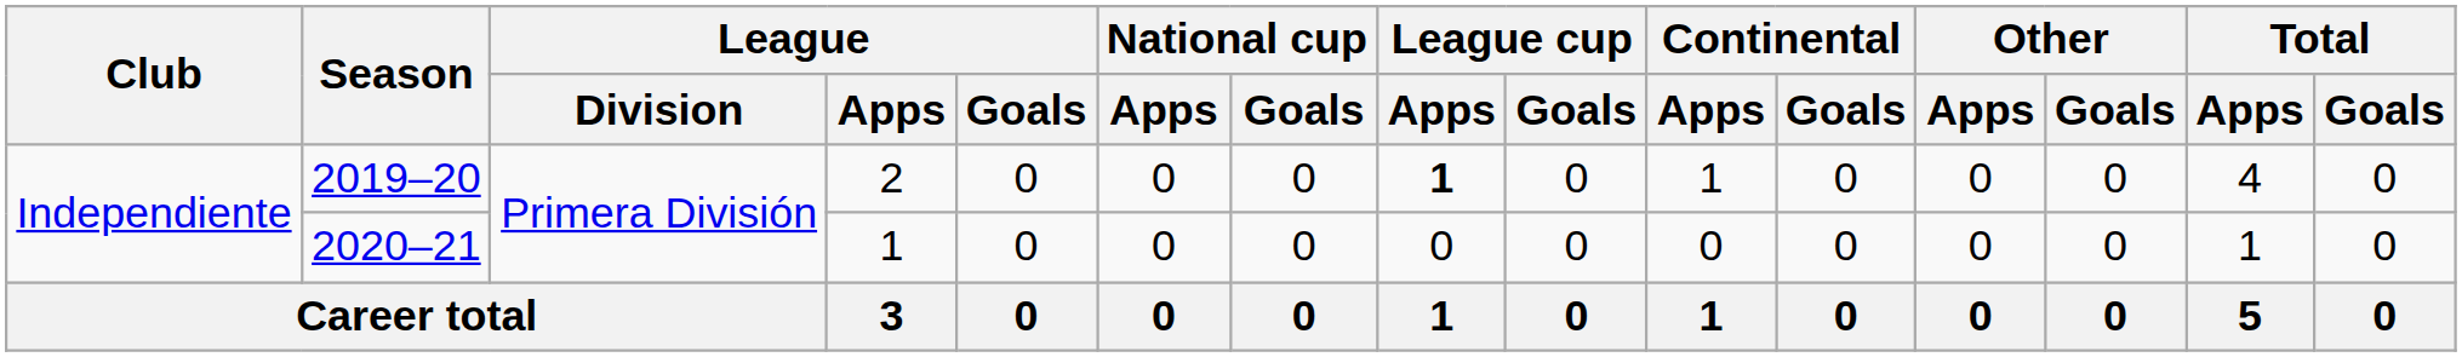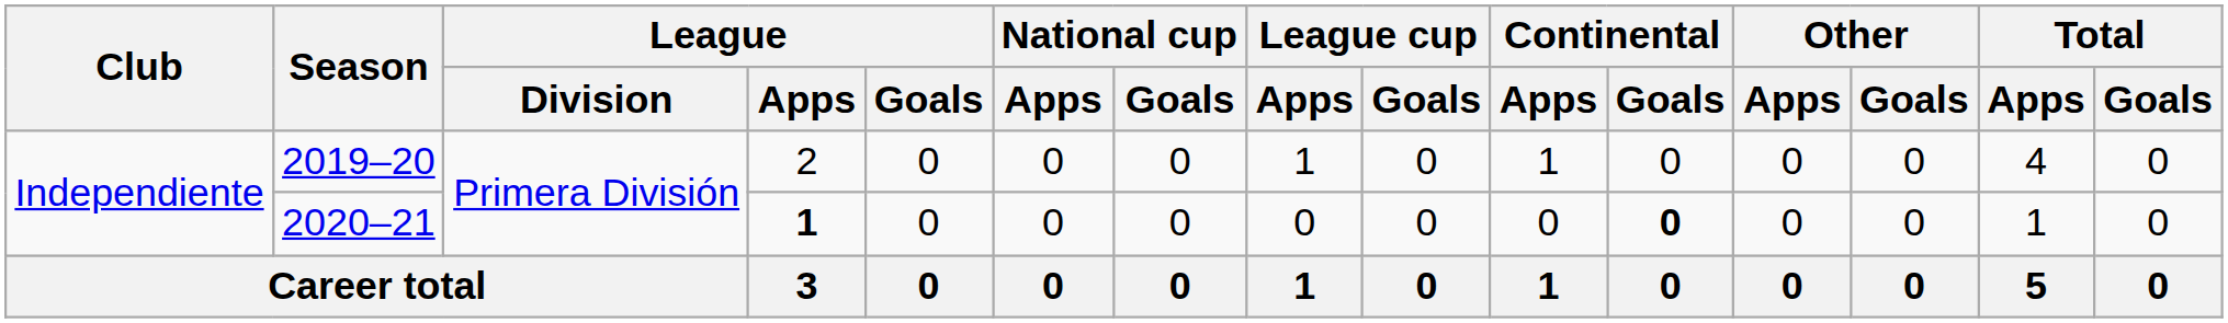 <table class="wikitable" style="text-align:center">
 <tr>
 <th rowspan="2">Club</th>
 <th rowspan="2">Season</th>
 <th colspan="3">League</th>
 <th colspan="2">National cup</th>
 <th colspan="2">League cup</th>
 <th colspan="2">Continental</th>
 <th colspan="2">Other</th>
 <th colspan="2">Total</th>
 </tr>
 <tr>
 <th>Division</th>
 <th>Apps</th>
 <th>Goals</th>
 <th>Apps</th>
 <th>Goals</th>
 <th>Apps</th>
 <th>Goals</th>
 <th>Apps</th>
 <th>Goals</th>
 <th>Apps</th>
 <th>Goals</th>
 <th>Apps</th>
 <th>Goals</th>
 </tr>
 <tr>
 <td rowspan="2"><a href='#'>Independiente</a></td>
 <td><a href='#'>2019–20</a></td>
 <td rowspan="2"><a href='#'>Primera División</a></td>
 <td>2</td>
 <td>0</td>
 <td>0</td>
 <td>0</td>
-<td><strong>1</strong></td>
+<td>1</td>
 <td>0</td>
 <td>1</td>
 <td>0</td>
 <td>0</td>
 <td>0</td>
 <td>4</td>
 <td>0</td>
 </tr>
 <tr>
 <td><a href='#'>2020–21</a></td>
-<td>1</td>
+<td><strong>1</strong></td>
 <td>0</td>
 <td>0</td>
 <td>0</td>
 <td>0</td>
 <td>0</td>
 <td>0</td>
-<td>0</td>
+<td><strong>0</strong></td>
 <td>0</td>
 <td>0</td>
 <td>1</td>
 <td>0</td>
 </tr>
 <tr>
 <th colspan="3">Career total</th>
 <th>3</th>
 <th>0</th>
 <th>0</th>
 <th>0</th>
 <th>1</th>
 <th>0</th>
 <th>1</th>
 <th>0</th>
 <th>0</th>
 <th>0</th>
 <th>5</th>
 <th>0</th>
 </tr>
 </table>
